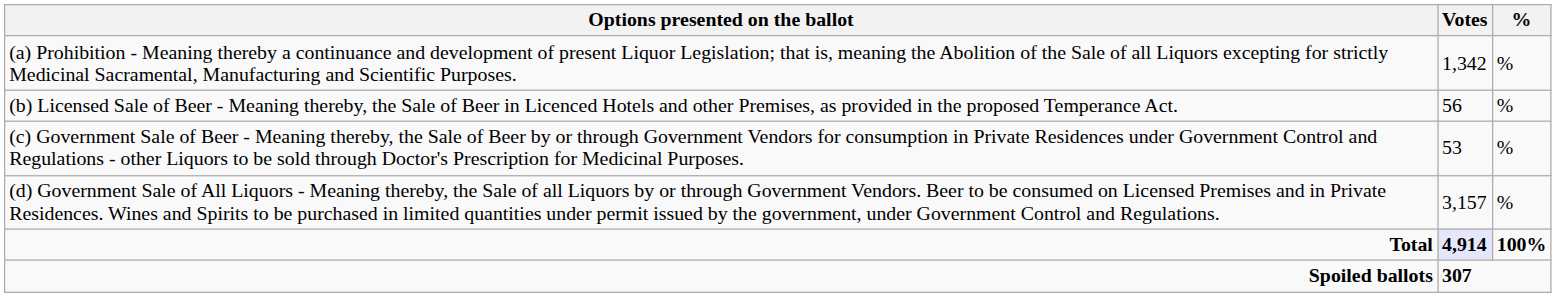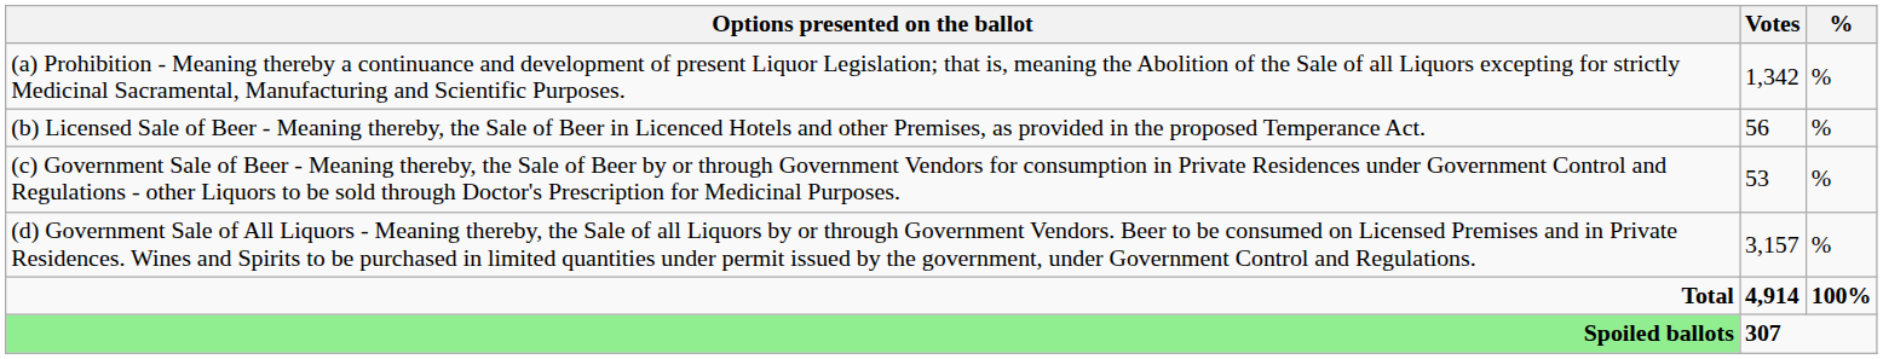 <table class="wikitable">
 <tr>
 <th>Options presented on the ballot</th>
 <th>Votes</th>
 <th>%</th>
 </tr>
 <tr>
 <td>(a) Prohibition - Meaning thereby a continuance and development of present Liquor Legislation; that is, meaning the Abolition of the Sale of all Liquors excepting for strictly Medicinal Sacramental, Manufacturing and Scientific Purposes.</td>
 <td>1,342</td>
 <td>%</td>
 </tr>
 <tr>
 <td>(b) Licensed Sale of Beer - Meaning thereby, the Sale of Beer in Licenced Hotels and other Premises, as provided in the proposed Temperance Act.</td>
 <td>56</td>
 <td>%</td>
 </tr>
 <tr>
 <td>(c) Government Sale of Beer - Meaning thereby, the Sale of Beer by or through Government Vendors for consumption in Private Residences under Government Control and Regulations - other Liquors to be sold through Doctor's Prescription for Medicinal Purposes.</td>
 <td>53</td>
 <td>%</td>
 </tr>
 <tr>
 <td>(d) Government Sale of All Liquors - Meaning thereby, the Sale of all Liquors by or through Government Vendors. Beer to be consumed on Licensed Premises and in Private Residences. Wines and Spirits to be purchased in limited quantities under permit issued by the government, under Government Control and Regulations.</td>
 <td>3,157</td>
 <td>%</td>
 </tr>
 <tr>
 <td align=right><strong>Total</strong></td>
-<td style="background: lavender;"><strong>4,914</strong></td>
+<td><strong>4,914</strong></td>
 <td><strong>100%</strong></td>
 </tr>
 <tr>
-<td align=right><strong>Spoiled ballots</strong></td>
+<td align=right style="background: lightgreen;"><strong>Spoiled ballots</strong></td>
 <td colspan=2><strong>307</strong></td>
 </tr>
 </table>
